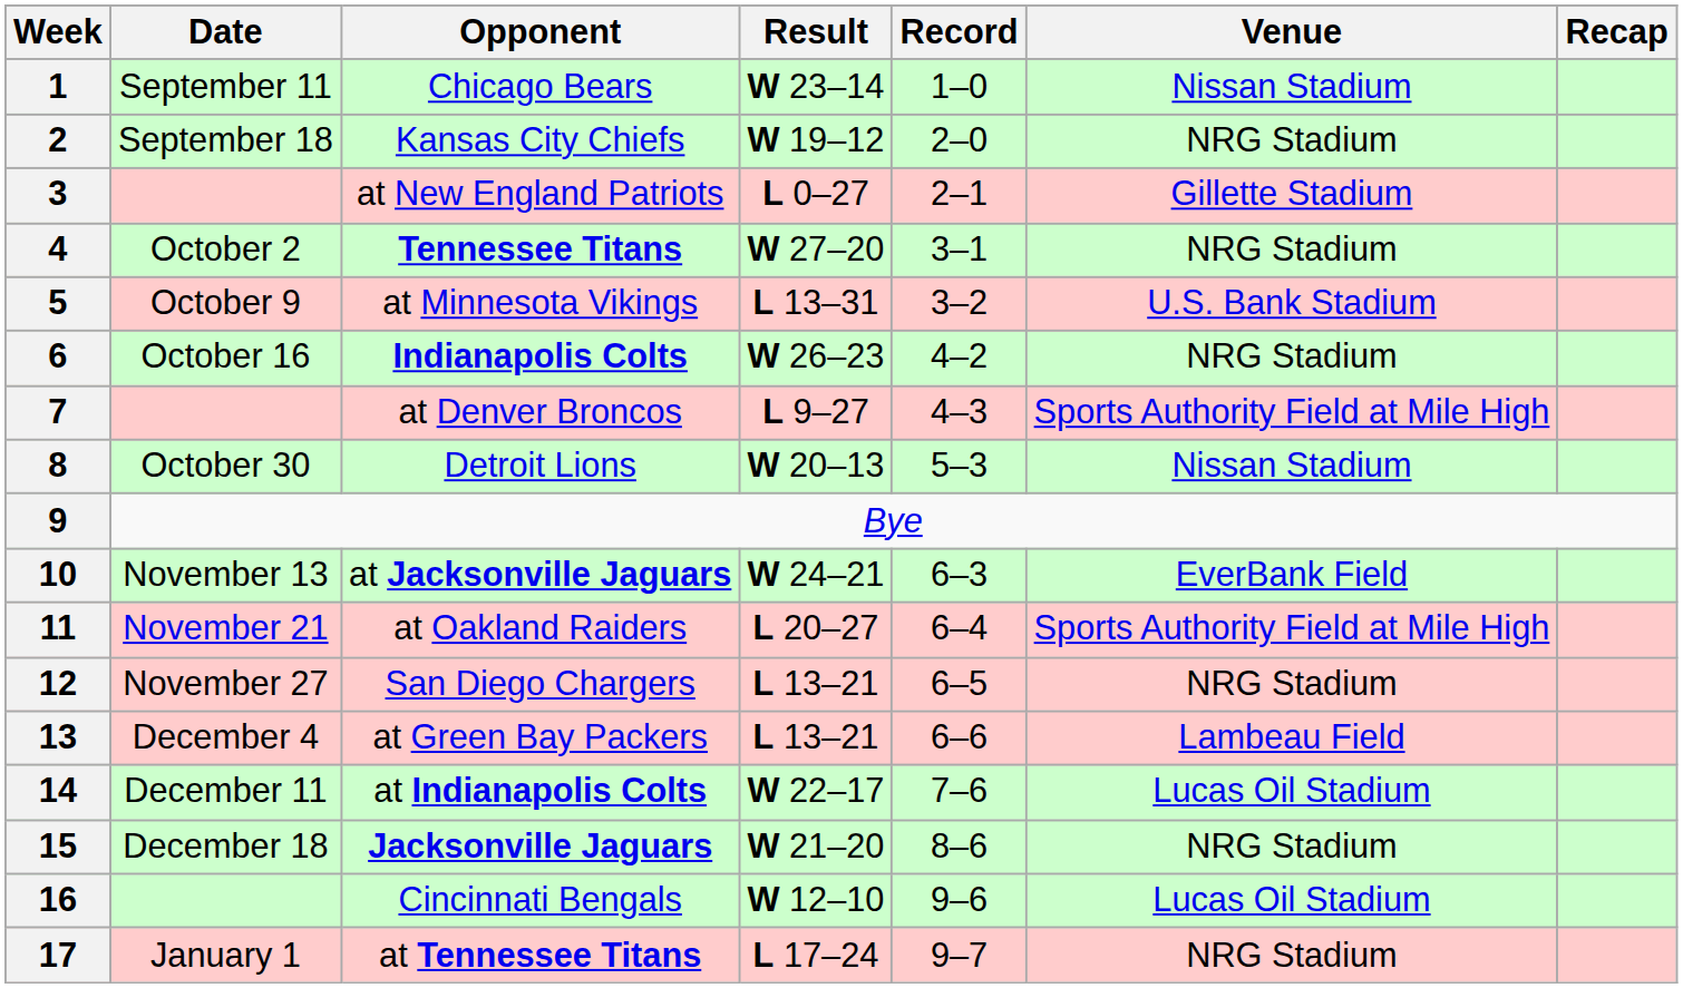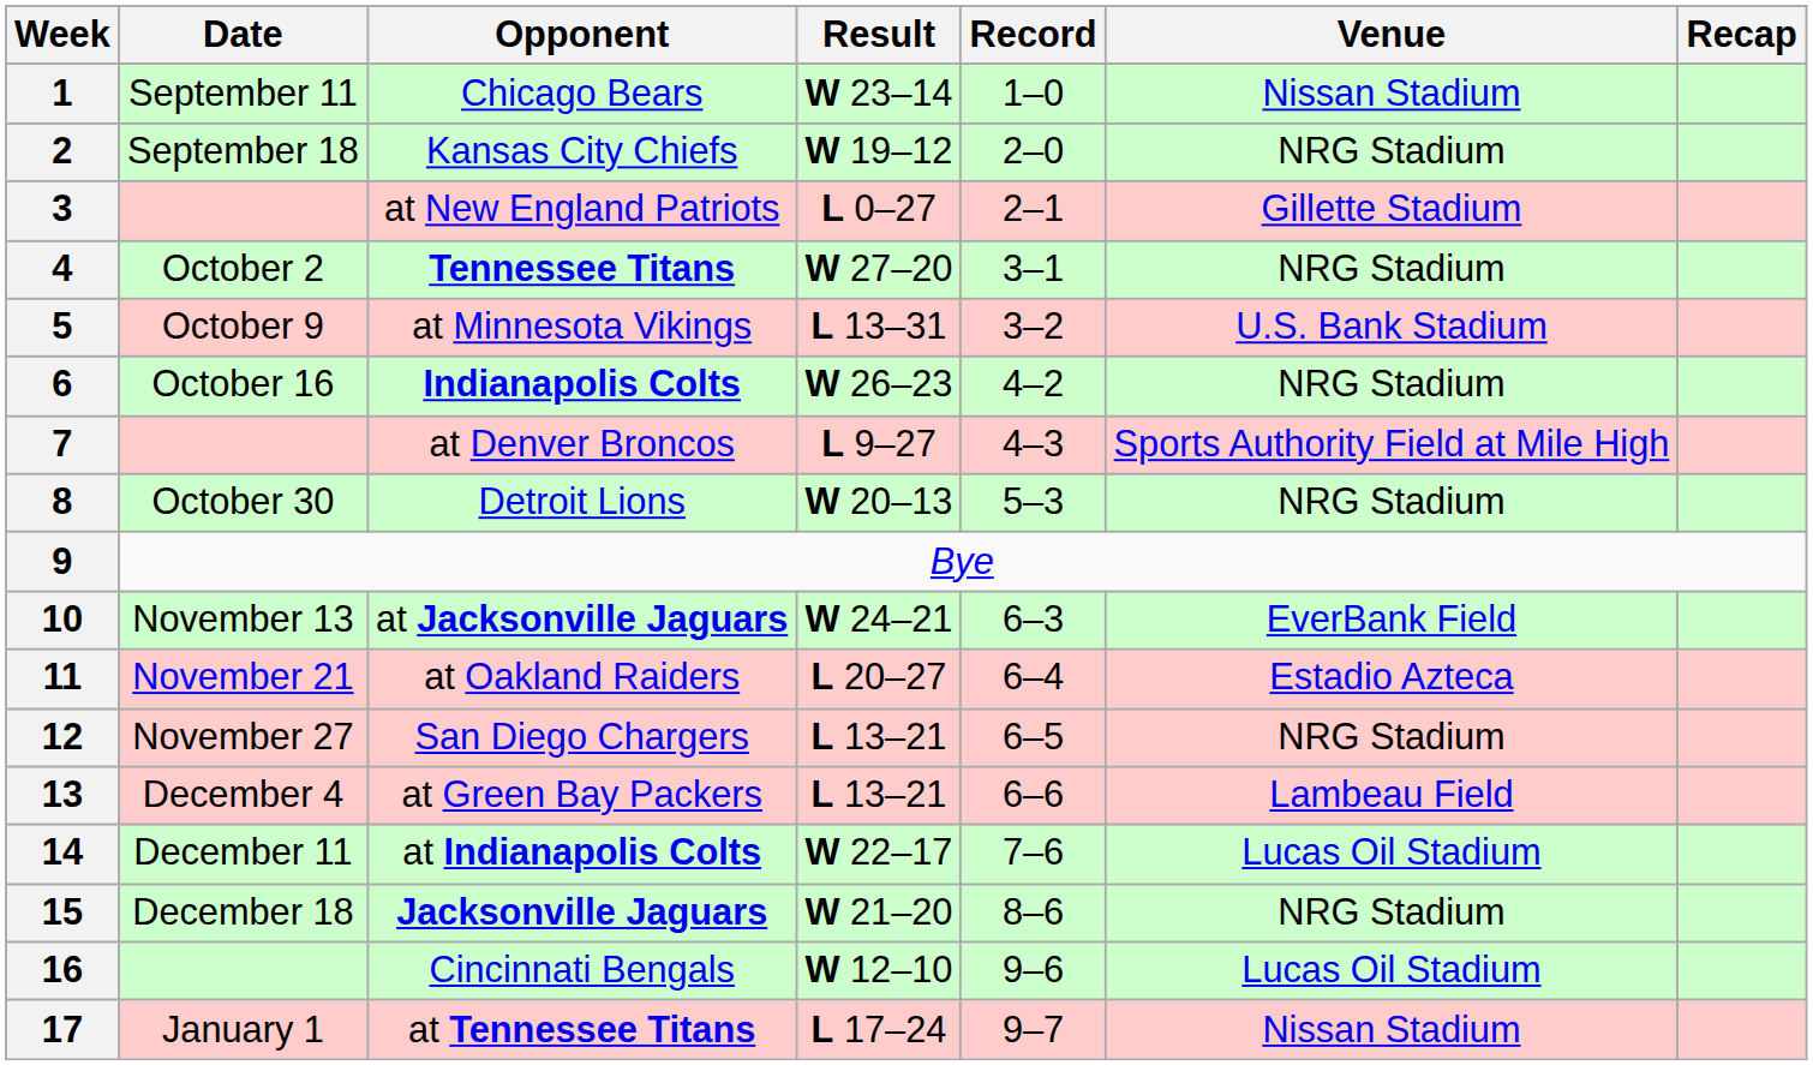 <table class="wikitable" style="text-align:center">
 <tr>
 <th>Week</th>
 <th>Date</th>
 <th>Opponent</th>
 <th>Result</th>
 <th>Record</th>
 <th>Venue</th>
 <th>Recap</th>
 </tr>
 <tr style="background:#cfc">
 <th>1</th>
 <td>September 11</td>
 <td><a href='#'>Chicago Bears</a></td>
 <td><strong>W</strong> 23–14</td>
 <td>1–0</td>
 <td><a href='#'>Nissan Stadium</a></td>
 <td></td>
 </tr>
 <tr style="background:#cfc">
 <th>2</th>
 <td>September 18</td>
 <td><a href='#'>Kansas City Chiefs</a></td>
 <td><strong>W</strong> 19–12</td>
 <td>2–0</td>
 <td>NRG Stadium</td>
 <td></td>
 </tr>
 <tr style="background:#fcc">
 <th>3</th>
 <td></td>
 <td>at <a href='#'>New England Patriots</a></td>
 <td><strong>L</strong> 0–27</td>
 <td>2–1</td>
 <td><a href='#'>Gillette Stadium</a></td>
 <td></td>
 </tr>
 <tr style="background:#cfc">
 <th>4</th>
 <td>October 2</td>
 <td><strong><a href='#'>Tennessee Titans</a></strong></td>
 <td><strong>W</strong> 27–20</td>
 <td>3–1</td>
 <td>NRG Stadium</td>
 <td></td>
 </tr>
 <tr style="background:#fcc">
 <th>5</th>
 <td>October 9</td>
 <td>at <a href='#'>Minnesota Vikings</a></td>
 <td><strong>L</strong> 13–31</td>
 <td>3–2</td>
 <td><a href='#'>U.S. Bank Stadium</a></td>
 <td></td>
 </tr>
 <tr style="background:#cfc">
 <th>6</th>
 <td>October 16</td>
 <td><strong><a href='#'>Indianapolis Colts</a></strong></td>
 <td><strong>W</strong> 26–23 </td>
 <td>4–2</td>
 <td>NRG Stadium</td>
 <td></td>
 </tr>
 <tr style="background:#fcc">
 <th>7</th>
 <td></td>
 <td>at <a href='#'>Denver Broncos</a></td>
 <td><strong>L</strong> 9–27</td>
 <td>4–3</td>
 <td><a href='#'>Sports Authority Field at Mile High</a></td>
 <td></td>
 </tr>
 <tr style="background:#cfc">
 <th>8</th>
 <td>October 30</td>
 <td><a href='#'>Detroit Lions</a></td>
 <td><strong>W</strong> 20–13</td>
 <td>5–3</td>
-<td><a href='#'>Nissan Stadium</a></td>
+<td>NRG Stadium</td>
 <td></td>
 </tr>
 <tr>
 <th>9</th>
 <td colspan="6"><em><a href='#'>Bye</a></em></td>
 </tr>
 <tr style="background:#cfc">
 <th>10</th>
 <td>November 13</td>
 <td>at <strong><a href='#'>Jacksonville Jaguars</a></strong></td>
 <td><strong>W</strong> 24–21</td>
 <td>6–3</td>
 <td><a href='#'>EverBank Field</a></td>
 <td></td>
 </tr>
 <tr style="background:#fcc">
 <th>11</th>
 <td><a href='#'>November 21</a></td>
 <td>at <a href='#'>Oakland Raiders</a></td>
 <td><strong>L</strong> 20–27</td>
 <td>6–4</td>
-<td><a href='#'>Sports Authority Field at Mile High</a></td>
+<td> <a href='#'>Estadio Azteca</a> </td>
 <td></td>
 </tr>
 <tr style="background:#fcc">
 <th>12</th>
 <td>November 27</td>
 <td><a href='#'>San Diego Chargers</a></td>
 <td><strong>L</strong> 13–21</td>
 <td>6–5</td>
 <td>NRG Stadium</td>
 <td></td>
 </tr>
 <tr style="background:#fcc">
 <th>13</th>
 <td>December 4</td>
 <td>at <a href='#'>Green Bay Packers</a></td>
 <td><strong>L</strong> 13–21</td>
 <td>6–6</td>
 <td><a href='#'>Lambeau Field</a></td>
 <td></td>
 </tr>
 <tr style="background:#cfc">
 <th>14</th>
 <td>December 11</td>
 <td>at <strong><a href='#'>Indianapolis Colts</a></strong></td>
 <td><strong>W</strong> 22–17</td>
 <td>7–6</td>
 <td><a href='#'>Lucas Oil Stadium</a></td>
 <td></td>
 </tr>
 <tr style="background:#cfc">
 <th>15</th>
 <td>December 18</td>
 <td><strong><a href='#'>Jacksonville Jaguars</a></strong></td>
 <td><strong>W</strong> 21–20</td>
 <td>8–6</td>
 <td>NRG Stadium</td>
 <td></td>
 </tr>
 <tr style="background:#cfc">
 <th>16</th>
 <td></td>
 <td><a href='#'>Cincinnati Bengals</a></td>
 <td><strong>W</strong> 12–10</td>
 <td>9–6</td>
 <td><a href='#'>Lucas Oil Stadium</a></td>
 <td></td>
 </tr>
 <tr style="background:#fcc">
 <th>17</th>
 <td>January 1</td>
 <td>at <strong><a href='#'>Tennessee Titans</a></strong></td>
 <td><strong>L</strong> 17–24</td>
 <td>9–7</td>
-<td>NRG Stadium</td>
+<td><a href='#'>Nissan Stadium</a></td>
 <td></td>
 </tr>
 </table>
